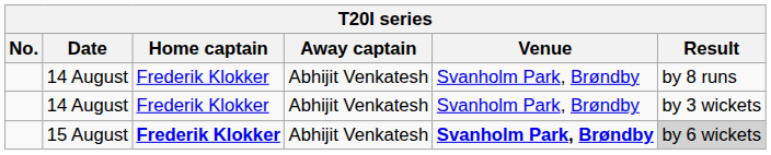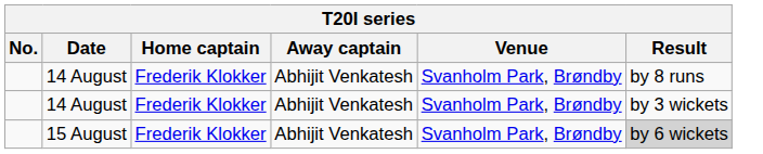 <table class="wikitable">
 <tr>
 <th colspan="9">T20I series</th>
 </tr>
 <tr>
 <th>No.</th>
 <th>Date</th>
 <th>Home captain</th>
 <th>Away captain</th>
 <th>Venue</th>
 <th>Result</th>
 </tr>
 <tr>
 <td></td>
 <td>14 August</td>
 <td><a href='#'>Frederik Klokker</a></td>
 <td>Abhijit Venkatesh</td>
 <td><a href='#'>Svanholm Park</a>, <a href='#'>Brøndby</a></td>
 <td> by 8 runs</td>
 </tr>
 <tr>
 <td></td>
 <td>14 August</td>
 <td><a href='#'>Frederik Klokker</a></td>
 <td>Abhijit Venkatesh</td>
 <td><a href='#'>Svanholm Park</a>, <a href='#'>Brøndby</a></td>
 <td> by 3 wickets</td>
 </tr>
 <tr>
 <td></td>
 <td>15 August</td>
-<td><strong><a href='#'>Frederik Klokker</a></strong></td>
+<td><a href='#'>Frederik Klokker</a></td>
 <td>Abhijit Venkatesh</td>
-<td><strong><a href='#'>Svanholm Park</a>, <a href='#'>Brøndby</a></strong></td>
+<td><a href='#'>Svanholm Park</a>, <a href='#'>Brøndby</a></td>
 <td style="background: lightgrey;"> by 6 wickets</td>
 </tr>
 </table>
